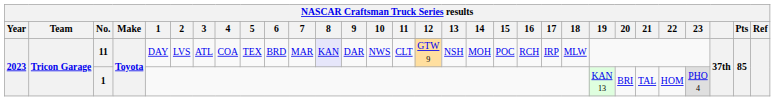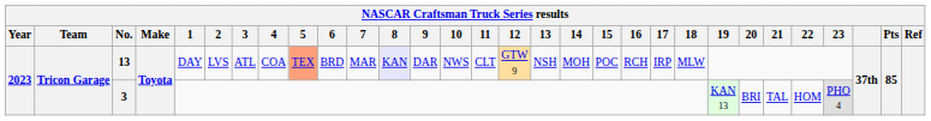 <table class="wikitable" style="text-align:center; font-size:75%">
 <tr>
 <th colspan=30><a href='#'>NASCAR Craftsman Truck Series</a> results</th>
 </tr>
 <tr>
 <th>Year</th>
 <th>Team</th>
 <th>No.</th>
 <th>Make</th>
 <th>1</th>
 <th>2</th>
 <th>3</th>
 <th>4</th>
 <th>5</th>
 <th>6</th>
 <th>7</th>
 <th>8</th>
 <th>9</th>
 <th>10</th>
 <th>11</th>
 <th>12</th>
 <th>13</th>
 <th>14</th>
 <th>15</th>
 <th>16</th>
 <th>17</th>
 <th>18</th>
 <th>19</th>
 <th>20</th>
 <th>21</th>
 <th>22</th>
 <th>23</th>
 <th></th>
 <th>Pts</th>
 <th>Ref</th>
 </tr>
 <tr>
 <th rowspan=2><a href='#'>2023</a></th>
 <th rowspan=2><a href='#'>Tricon Garage</a></th>
-<th>11</th>
+<th>13</th>
 <th rowspan=2><a href='#'>Toyota</a></th>
 <td><a href='#'>DAY</a></td>
 <td><a href='#'>LVS</a></td>
 <td><a href='#'>ATL</a></td>
 <td><a href='#'>COA</a></td>
-<td><a href='#'>TEX</a></td>
+<td style="background: lightsalmon;"><a href='#'>TEX</a></td>
 <td><a href='#'>BRD</a></td>
 <td><a href='#'>MAR</a></td>
 <td style="background: lavender;"><a href='#'>KAN</a></td>
 <td><a href='#'>DAR</a></td>
 <td><a href='#'>NWS</a></td>
 <td><a href='#'>CLT</a></td>
 <td style="background:#FFDF9F;"><a href='#'>GTW</a><br><small>9</small></td>
 <td><a href='#'>NSH</a></td>
 <td><a href='#'>MOH</a></td>
 <td><a href='#'>POC</a></td>
 <td><a href='#'>RCH</a></td>
 <td><a href='#'>IRP</a></td>
 <td><a href='#'>MLW</a></td>
 <td colspan=5></td>
 <th rowspan=2>37th</th>
 <th rowspan=2>85</th>
 <th rowspan=2></th>
 </tr>
 <tr>
-<th>1</th>
+<th>3</th>
 <td colspan=18></td>
 <td style="background:#DFFFDF;"><a href='#'>KAN</a><br><small>13</small></td>
 <td><a href='#'>BRI</a></td>
 <td><a href='#'>TAL</a></td>
 <td><a href='#'>HOM</a></td>
 <td style="background:#DFDFDF;"><a href='#'>PHO</a><br><small>4</small></td>
 </tr>
 </table>
